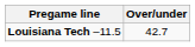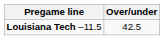 <table class="wikitable">
 <tr align="center">
 <th>Pregame line</th>
 <th>Over/under</th>
 </tr>
 <tr align="center">
 <td><strong>Louisiana Tech</strong> –11.5</td>
-<td>42.7</td>
+<td>42.5</td>
 </tr>
 </table>
